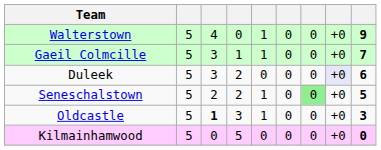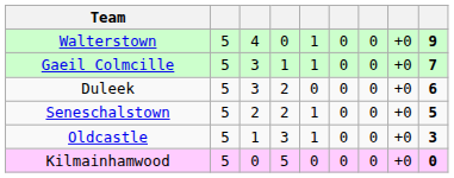 <table class="wikitable" style="text-align:center">
 <tr>
 <th style="width:175px;">Team</th>
 <th width="20"></th>
 <th width="20"></th>
 <th width="20"></th>
 <th width="20"></th>
 <th width="20"></th>
 <th width="20"></th>
 <th width="20"></th>
 <th width="20"></th>
 </tr>
 <tr style="background:#cfc;">
 <td><a href='#'>Walterstown</a></td>
 <td>5</td>
 <td>4</td>
 <td>0</td>
 <td>1</td>
 <td>0</td>
 <td>0</td>
 <td>+0</td>
 <td><strong>9</strong></td>
 </tr>
 <tr style="background:#cfc;">
 <td><a href='#'>Gaeil Colmcille</a></td>
 <td>5</td>
 <td>3</td>
 <td>1</td>
 <td>1</td>
 <td>0</td>
 <td>0</td>
 <td>+0</td>
 <td><strong>7</strong></td>
 </tr>
 <tr>
 <td>Duleek</td>
 <td>5</td>
 <td>3</td>
 <td>2</td>
 <td>0</td>
 <td>0</td>
 <td>0</td>
-<td style="background: lavender;">+0</td>
+<td>+0</td>
 <td><strong>6</strong></td>
 </tr>
 <tr>
 <td><a href='#'>Seneschalstown</a></td>
 <td>5</td>
 <td>2</td>
 <td>2</td>
 <td>1</td>
 <td>0</td>
-<td style="background: lightgreen;">0</td>
+<td>0</td>
 <td>+0</td>
 <td><strong>5</strong></td>
 </tr>
 <tr>
 <td><a href='#'>Oldcastle</a></td>
 <td>5</td>
-<td><strong>1</strong></td>
+<td>1</td>
 <td>3</td>
 <td>1</td>
 <td>0</td>
 <td>0</td>
 <td>+0</td>
 <td><strong>3</strong></td>
 </tr>
 <tr style="background:#fcf;">
 <td>Kilmainhamwood</td>
 <td>5</td>
 <td>0</td>
 <td>5</td>
 <td>0</td>
 <td>0</td>
 <td>0</td>
 <td>+0</td>
 <td><strong>0</strong></td>
 </tr>
 </table>
